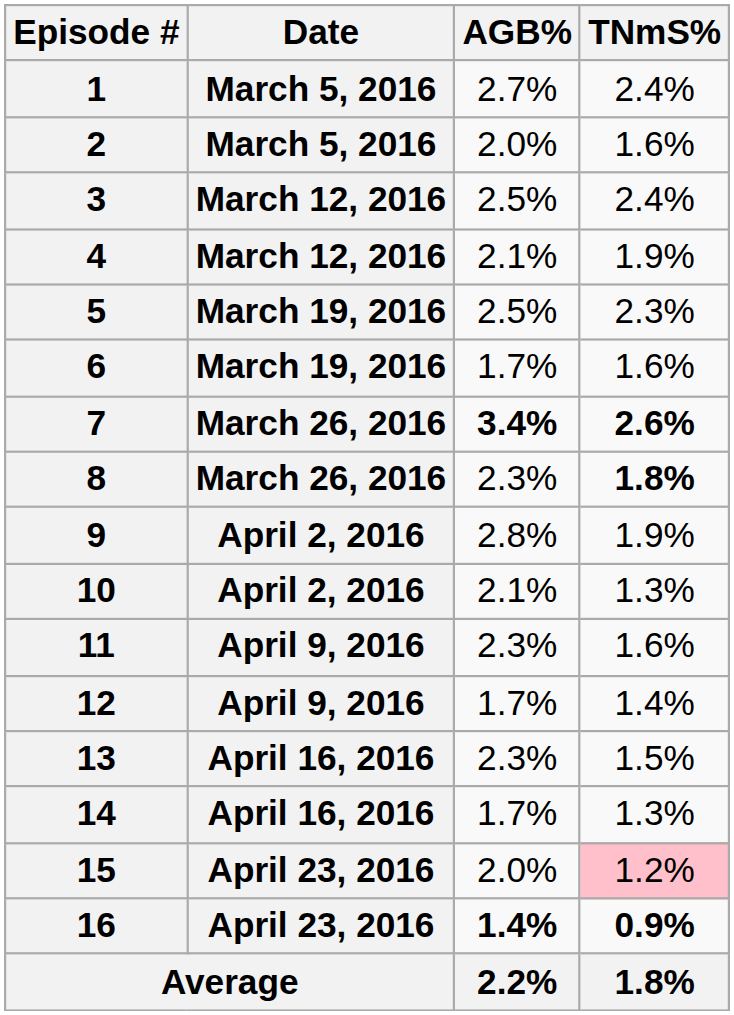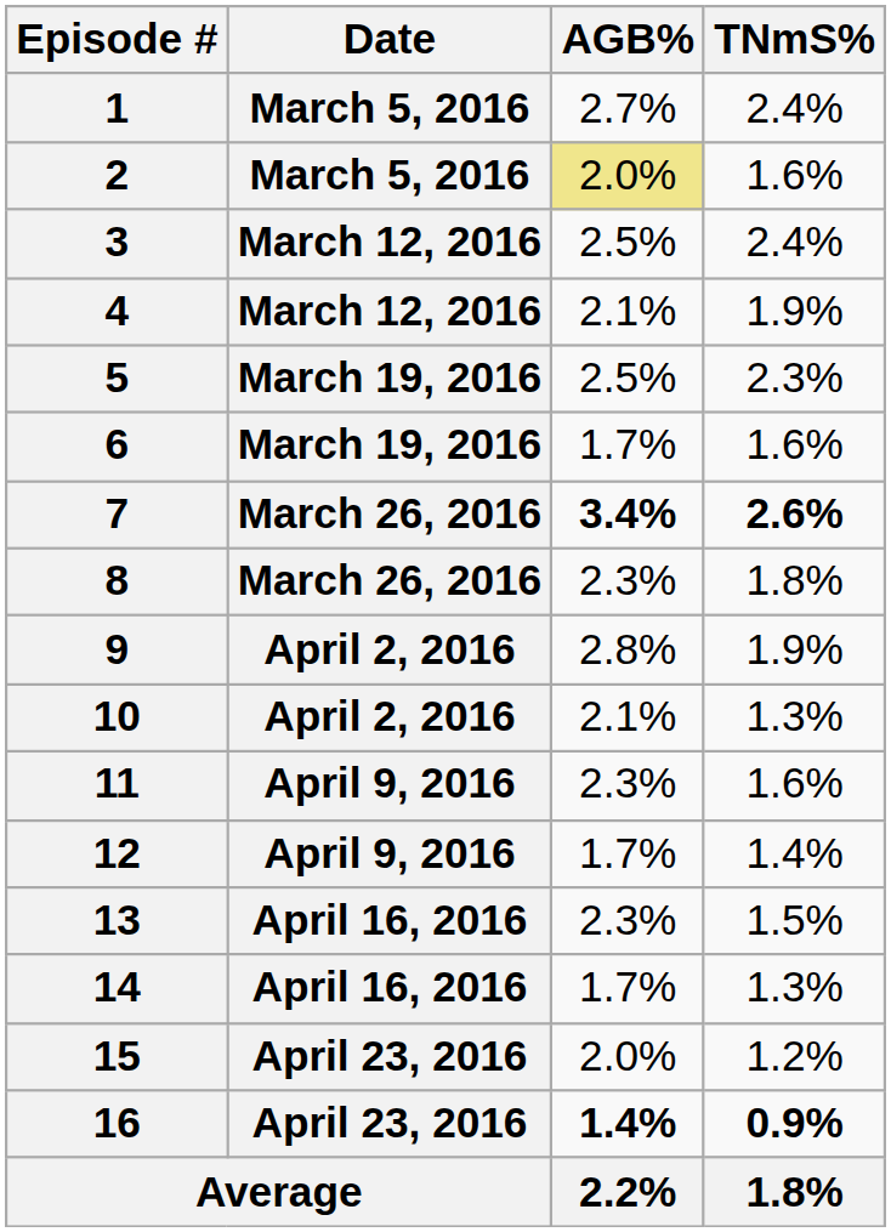 <table class="wikitable">
 <tr>
 <th>Episode #</th>
 <th>Date</th>
 <th>AGB%</th>
 <th>TNmS%</th>
 </tr>
 <tr>
 <th>1</th>
 <th>March 5, 2016</th>
 <td align="center">2.7%</td>
 <td align="center">2.4%</td>
 </tr>
 <tr>
 <th>2</th>
 <th>March 5, 2016</th>
-<td align=center>2.0%</td>
+<td align=center style="background: khaki;">2.0%</td>
 <td align=center>1.6%</td>
 </tr>
 <tr>
 <th>3</th>
 <th>March 12, 2016</th>
 <td align=center>2.5%</td>
 <td align=center>2.4%</td>
 </tr>
 <tr>
 <th>4</th>
 <th>March 12, 2016</th>
 <td align=center>2.1%</td>
 <td align=center>1.9%</td>
 </tr>
 <tr>
 <th>5</th>
 <th>March 19, 2016</th>
 <td align=center>2.5%</td>
 <td align=center>2.3%</td>
 </tr>
 <tr>
 <th>6</th>
 <th>March 19, 2016</th>
 <td align=center>1.7%</td>
 <td align=center>1.6%</td>
 </tr>
 <tr>
 <th>7</th>
 <th>March 26, 2016</th>
 <td align=center><span><strong>3.4%</strong></span></td>
 <td align=center><span><strong>2.6%</strong></span></td>
 </tr>
 <tr>
 <th>8</th>
 <th>March 26, 2016</th>
 <td align=center>2.3%</td>
-<td align=center><strong>1.8%</strong></td>
+<td align=center>1.8%</td>
 </tr>
 <tr>
 <th>9</th>
 <th>April 2, 2016</th>
 <td align=center>2.8%</td>
 <td align=center>1.9%</td>
 </tr>
 <tr>
 <th>10</th>
 <th>April 2, 2016</th>
 <td align=center>2.1%</td>
 <td align=center>1.3%</td>
 </tr>
 <tr>
 <th>11</th>
 <th>April 9, 2016</th>
 <td align=center>2.3%</td>
 <td align=center>1.6%</td>
 </tr>
 <tr>
 <th>12</th>
 <th>April 9, 2016</th>
 <td align=center>1.7%</td>
 <td align=center>1.4%</td>
 </tr>
 <tr>
 <th>13</th>
 <th>April 16, 2016</th>
 <td align=center>2.3%</td>
 <td align=center>1.5%</td>
 </tr>
 <tr>
 <th>14</th>
 <th>April 16, 2016</th>
 <td align=center>1.7%</td>
 <td align=center>1.3%</td>
 </tr>
 <tr>
 <th>15</th>
 <th>April 23, 2016</th>
 <td align=center>2.0%</td>
-<td align=center style="background: pink;">1.2%</td>
+<td align=center>1.2%</td>
 </tr>
 <tr>
 <th>16</th>
 <th>April 23, 2016</th>
 <td align=center><span><strong>1.4%</strong></span></td>
 <td align=center><span><strong>0.9%</strong></span></td>
 </tr>
 <tr>
 <th colspan="2">Average</th>
 <th>2.2%</th>
 <th>1.8%</th>
 </tr>
 </table>
